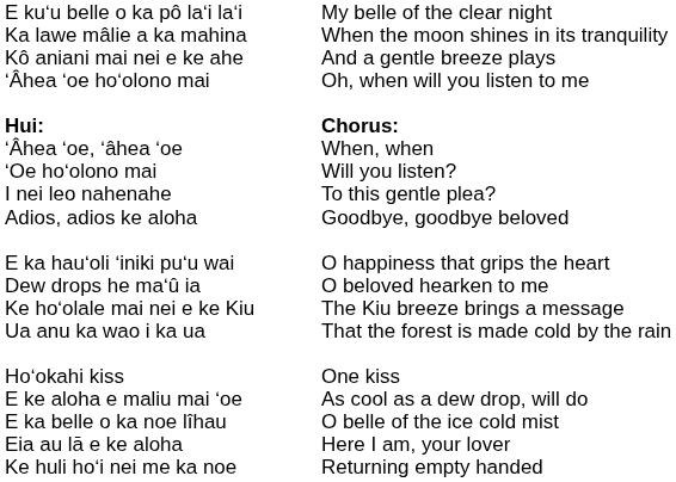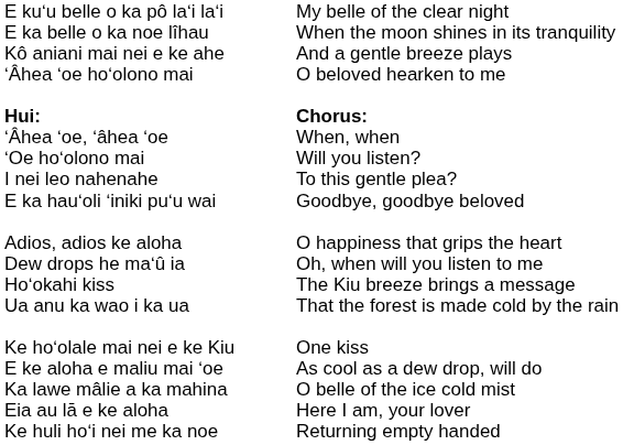 <table cellpadding=0 cellspacing=0>
 <tr>
 <td>E kuʻu belle o ka pô laʻi laʻi</td>
 <td>My belle of the clear night</td>
 </tr>
 <tr>
-<td>Ka lawe mâlie a ka mahina</td>
+<td>E ka belle o ka noe lîhau</td>
 <td>When the moon shines in its tranquility</td>
 </tr>
 <tr>
 <td>Kô aniani mai nei e ke ahe</td>
 <td>And a gentle breeze plays</td>
 </tr>
 <tr>
 <td>ʻÂhea ʻoe hoʻolono mai</td>
-<td>Oh, when will you listen to me</td>
+<td>O beloved hearken to me</td>
 </tr>
 <tr>
 <td style="width:250px;"> </td>
 <td style="width:300px;"> </td>
 </tr>
 <tr>
 <td><strong>Hui:</strong></td>
 <td><strong>Chorus:</strong></td>
 </tr>
 <tr>
 <td>ʻÂhea ʻoe, ʻâhea ʻoe</td>
 <td>When, when</td>
 </tr>
 <tr>
 <td>ʻOe hoʻolono mai</td>
 <td>Will you listen?</td>
 </tr>
 <tr>
 <td>I nei leo nahenahe</td>
 <td>To this gentle plea?</td>
 </tr>
 <tr>
-<td>Adios, adios ke aloha</td>
+<td>E ka hauʻoli ʻiniki puʻu wai</td>
 <td>Goodbye, goodbye beloved</td>
 </tr>
 <tr>
 <td style="width:250px;"> </td>
 <td style="width:300px;"> </td>
 </tr>
 <tr>
-<td>E ka hauʻoli ʻiniki puʻu wai</td>
+<td>Adios, adios ke aloha</td>
 <td>O happiness that grips the heart</td>
 </tr>
 <tr>
 <td>Dew drops he maʻû ia</td>
-<td>O beloved hearken to me</td>
+<td>Oh, when will you listen to me</td>
 </tr>
 <tr>
-<td>Ke hoʻolale mai nei e ke Kiu</td>
+<td>Hoʻokahi kiss</td>
 <td>The Kiu breeze brings a message</td>
 </tr>
 <tr>
 <td>Ua anu ka wao i ka ua</td>
 <td>That the forest is made cold by the rain</td>
 </tr>
 <tr>
 <td style="width:250px;"> </td>
 <td style="width:300px;"> </td>
 </tr>
 <tr>
-<td>Hoʻokahi kiss</td>
+<td>Ke hoʻolale mai nei e ke Kiu</td>
 <td>One kiss</td>
 </tr>
 <tr>
 <td>E ke aloha e maliu mai ʻoe</td>
 <td>As cool as a dew drop, will do</td>
 </tr>
 <tr>
-<td>E ka belle o ka noe lîhau</td>
+<td>Ka lawe mâlie a ka mahina</td>
 <td>O belle of the ice cold mist</td>
 </tr>
 <tr>
 <td>Eia au lā e ke aloha</td>
 <td>Here I am, your lover</td>
 </tr>
 <tr>
 <td>Ke huli hoʻi nei me ka noe</td>
 <td>Returning empty handed</td>
 </tr>
 </table>
